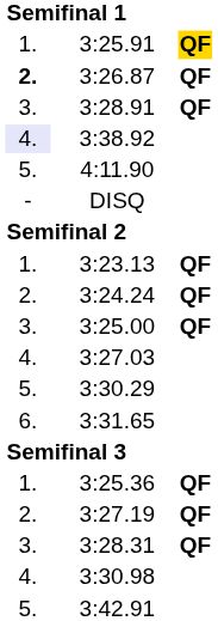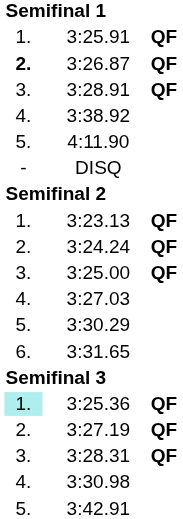 <table style="text-align:center">
 <tr>
 <td colspan=4 align=left><strong>Semifinal 1</strong></td>
 </tr>
 <tr>
 <td width=30>1.</td>
 <td align=left></td>
 <td width=80>3:25.91</td>
-<td style="background: gold;"><strong>QF</strong></td>
+<td><strong>QF</strong></td>
 </tr>
 <tr>
 <td><strong>2.</strong></td>
 <td align=left></td>
 <td>3:26.87</td>
 <td><strong>QF</strong></td>
 </tr>
 <tr>
 <td>3.</td>
 <td align=left></td>
 <td>3:28.91</td>
 <td><strong>QF</strong></td>
 </tr>
 <tr>
-<td style="background: lavender;">4.</td>
+<td>4.</td>
 <td align=left></td>
 <td>3:38.92</td>
 <td></td>
 </tr>
 <tr>
 <td>5.</td>
 <td align=left></td>
 <td>4:11.90</td>
 <td></td>
 </tr>
 <tr>
 <td>-</td>
 <td align=left></td>
 <td>DISQ</td>
 <td></td>
 </tr>
 <tr>
 <td colspan=4 align=left><strong>Semifinal 2</strong></td>
 </tr>
 <tr>
 <td>1.</td>
 <td align=left></td>
 <td>3:23.13</td>
 <td><strong>QF</strong></td>
 </tr>
 <tr>
 <td>2.</td>
 <td align=left></td>
 <td>3:24.24</td>
 <td><strong>QF</strong></td>
 </tr>
 <tr>
 <td>3.</td>
 <td align=left></td>
 <td>3:25.00</td>
 <td><strong>QF</strong></td>
 </tr>
 <tr>
 <td>4.</td>
 <td align=left></td>
 <td>3:27.03</td>
 <td></td>
 </tr>
 <tr>
 <td>5.</td>
 <td align=left></td>
 <td>3:30.29</td>
 <td></td>
 </tr>
 <tr>
 <td>6.</td>
 <td align=left></td>
 <td>3:31.65</td>
 <td></td>
 </tr>
 <tr>
 <td colspan=4 align=left><strong>Semifinal 3</strong></td>
 </tr>
 <tr>
-<td>1.</td>
+<td style="background: paleturquoise;">1.</td>
 <td align=left></td>
 <td>3:25.36</td>
 <td><strong>QF</strong></td>
 </tr>
 <tr>
 <td>2.</td>
 <td align=left></td>
 <td>3:27.19</td>
 <td><strong>QF</strong></td>
 </tr>
 <tr>
 <td>3.</td>
 <td align=left></td>
 <td>3:28.31</td>
 <td><strong>QF</strong></td>
 </tr>
 <tr>
 <td>4.</td>
 <td align=left></td>
 <td>3:30.98</td>
 <td></td>
 </tr>
 <tr>
 <td>5.</td>
 <td align=left></td>
 <td>3:42.91</td>
 <td></td>
 </tr>
 </table>
